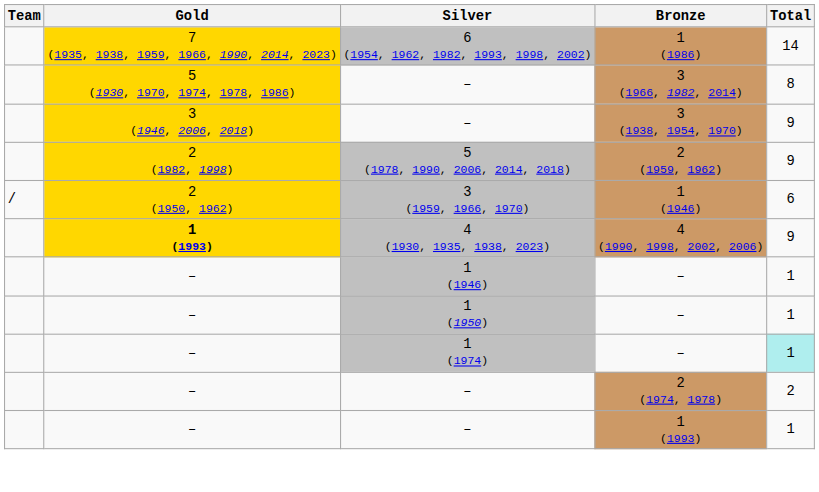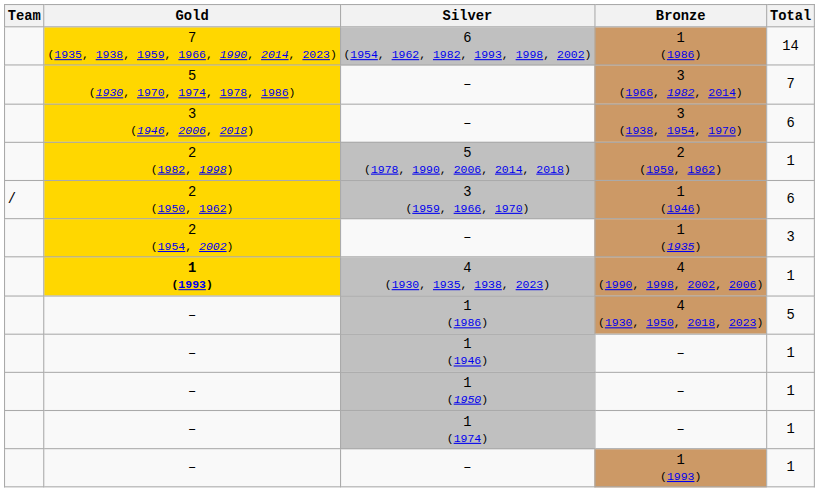 <table class="wikitable" style="text-align: center;">
 <tr>
 <th>Team</th>
 <th>Gold</th>
 <th>Silver</th>
 <th>Bronze</th>
 <th>Total</th>
 </tr>
 <tr>
 <td align=left><strong></strong></td>
 <td style="background:gold">7<br><small>(<a href='#'>1935</a>, <a href='#'>1938</a>, <a href='#'>1959</a>, <a href='#'>1966</a>, <em><a href='#'>1990</a></em>, <em><a href='#'>2014</a></em>, <a href='#'>2023</a>)</small></td>
 <td style="background:silver">6<br><small>(<a href='#'>1954</a>, <a href='#'>1962</a>, <a href='#'>1982</a>, <a href='#'>1993</a>, <a href='#'>1998</a>, <a href='#'>2002</a>)</small></td>
 <td style="background:#c96">1<br><small>(<a href='#'>1986</a>)</small></td>
 <td>14</td>
 </tr>
 <tr>
 <td align=left><strong></strong></td>
 <td style="background:gold">5<br><small>(<em><a href='#'>1930</a></em>, <a href='#'>1970</a>, <a href='#'>1974</a>, <a href='#'>1978</a>, <a href='#'>1986</a>)</small></td>
 <td>–</td>
 <td style="background:#c96">3<br><small>(<a href='#'>1966</a>, <em><a href='#'>1982</a></em>, <a href='#'>2014</a>)</small></td>
-<td>8</td>
+<td>7</td>
 </tr>
 <tr>
 <td align=left><strong></strong></td>
 <td style="background:gold">3<br><small>(<em><a href='#'>1946</a></em>, <em><a href='#'>2006</a></em>, <em><a href='#'>2018</a></em>)</small></td>
 <td>–</td>
 <td style="background:#c96">3<br><small>(<a href='#'>1938</a>, <a href='#'>1954</a>, <a href='#'>1970</a>)</small></td>
-<td>9</td>
+<td>6</td>
 </tr>
 <tr>
 <td align=left><strong></strong></td>
 <td style="background:gold">2<br><small>(<a href='#'>1982</a>, <em><a href='#'>1998</a></em>)</small></td>
 <td style="background:silver">5<br><small>(<a href='#'>1978</a>, <a href='#'>1990</a>, <a href='#'>2006</a>, <a href='#'>2014</a>, <a href='#'>2018</a>)</small></td>
 <td style="background:#c96">2<br><small>(<a href='#'>1959</a>, <a href='#'>1962</a>)</small></td>
-<td>9</td>
+<td>1</td>
 </tr>
 <tr>
 <td align="left"><strong></strong>/<strong></strong></td>
 <td style="background:gold">2<br><small>(<a href='#'>1950</a>, <a href='#'>1962</a>)</small></td>
 <td style="background:silver">3<br><small>(<a href='#'>1959</a>, <a href='#'>1966</a>, <a href='#'>1970</a>)</small></td>
 <td style="background:#c96">1<br><small>(<a href='#'>1946</a>)</small></td>
 <td>6</td>
 </tr>
 <tr>
 <td align=left><strong></strong></td>
+<td style="background:gold">2<br><small>(<a href='#'>1954</a>, <em><a href='#'>2002</a></em>)</small></td>
+<td>–</td>
+<td style="background:#c96">1<br><small>(<em><a href='#'>1935</a></em>)</small></td>
+<td>3</td>
+</tr>
+<tr>
+<td align=left><strong></strong></td>
 <td style="background:gold"><strong>1<br><small>(<a href='#'>1993</a>)</small></strong></td>
 <td style="background:silver">4<br><small>(<a href='#'>1930</a>, <a href='#'>1935</a>, <a href='#'>1938</a>, <a href='#'>2023</a>)</small></td>
 <td style="background:#c96">4<br><small>(<a href='#'>1990</a>, <a href='#'>1998</a>, <a href='#'>2002</a>, <a href='#'>2006</a>)</small></td>
-<td>9</td>
+<td>1</td>
+</tr>
+<tr>
+<td align=left></td>
+<td>–</td>
+<td style="background:silver">1<br><small>(<a href='#'>1986</a>)</small></td>
+<td style="background:#c96">4<br><small>(<a href='#'>1930</a>, <a href='#'>1950</a>, <a href='#'>2018</a>, <a href='#'>2023</a>)</small></td>
+<td>5</td>
 </tr>
 <tr>
 <td align=left></td>
 <td>–</td>
 <td style="background:silver">1<br><small>(<a href='#'>1946</a>)</small></td>
 <td>–</td>
 <td>1</td>
 </tr>
 <tr>
 <td align=left></td>
 <td>–</td>
 <td style="background:silver">1<br><small>(<em><a href='#'>1950</a></em>)</small></td>
 <td>–</td>
 <td>1</td>
 </tr>
 <tr>
 <td align=left></td>
 <td>–</td>
 <td style="background:silver">1<br><small>(<a href='#'>1974</a>)</small></td>
 <td>–</td>
-<td style="background: paleturquoise;">1</td>
-</tr>
-<tr>
-<td align=left></td>
-<td>–</td>
-<td>–</td>
-<td style="background:#c96">2<br><small>(<a href='#'>1974</a>, <a href='#'>1978</a>)</small></td>
-<td>2</td>
+<td>1</td>
 </tr>
 <tr>
 <td align=left></td>
 <td>–</td>
 <td>–</td>
 <td style="background:#c96">1<br><small>(<a href='#'>1993</a>)</small></td>
 <td>1</td>
 </tr>
 </table>
